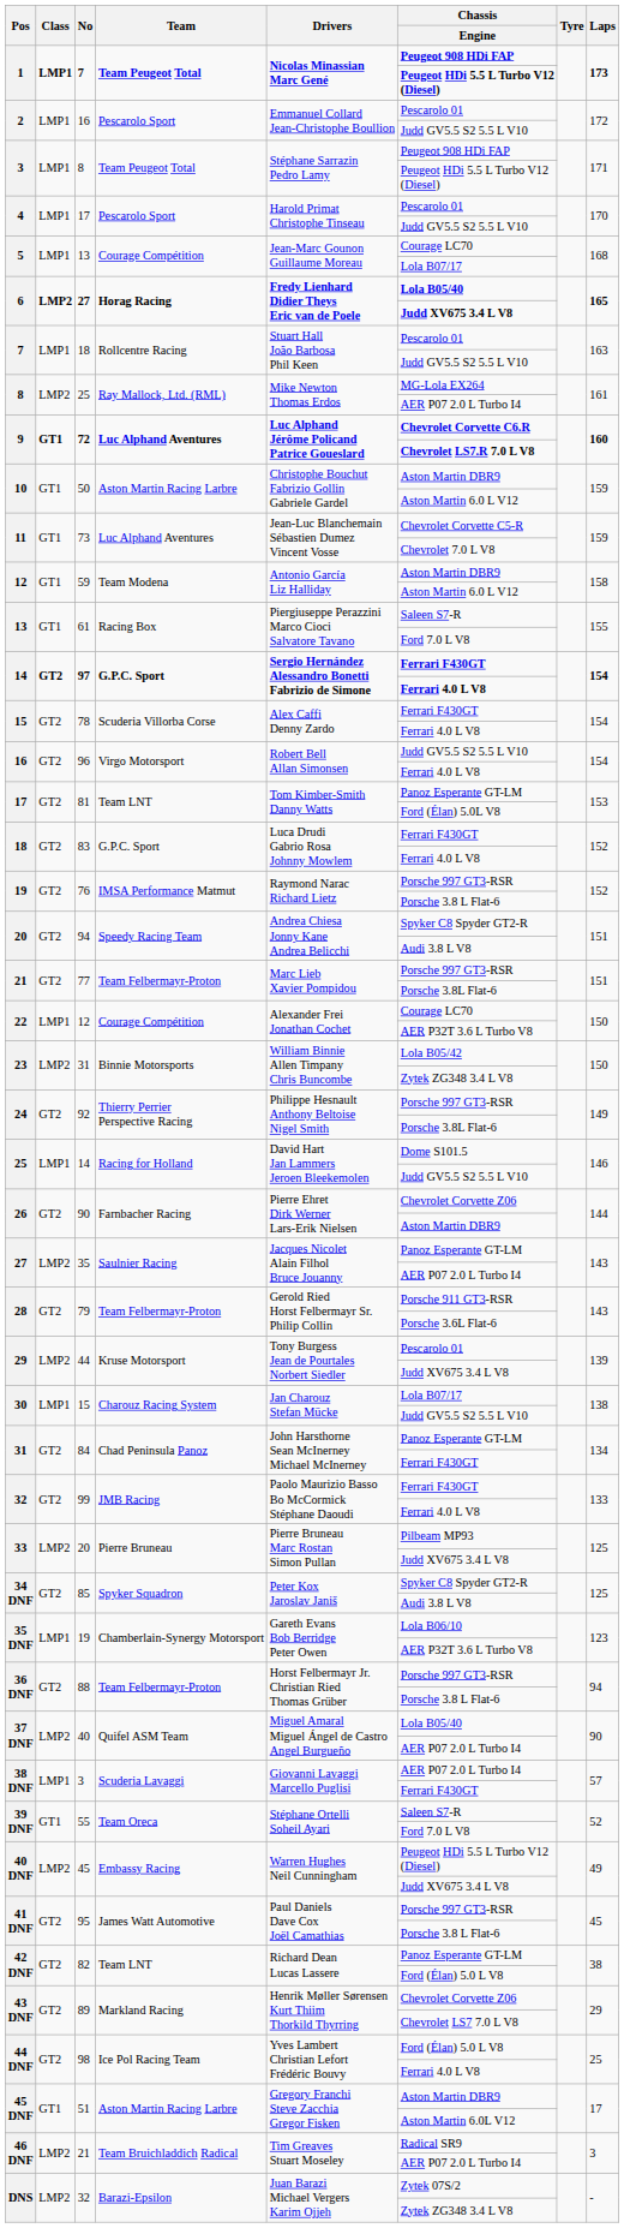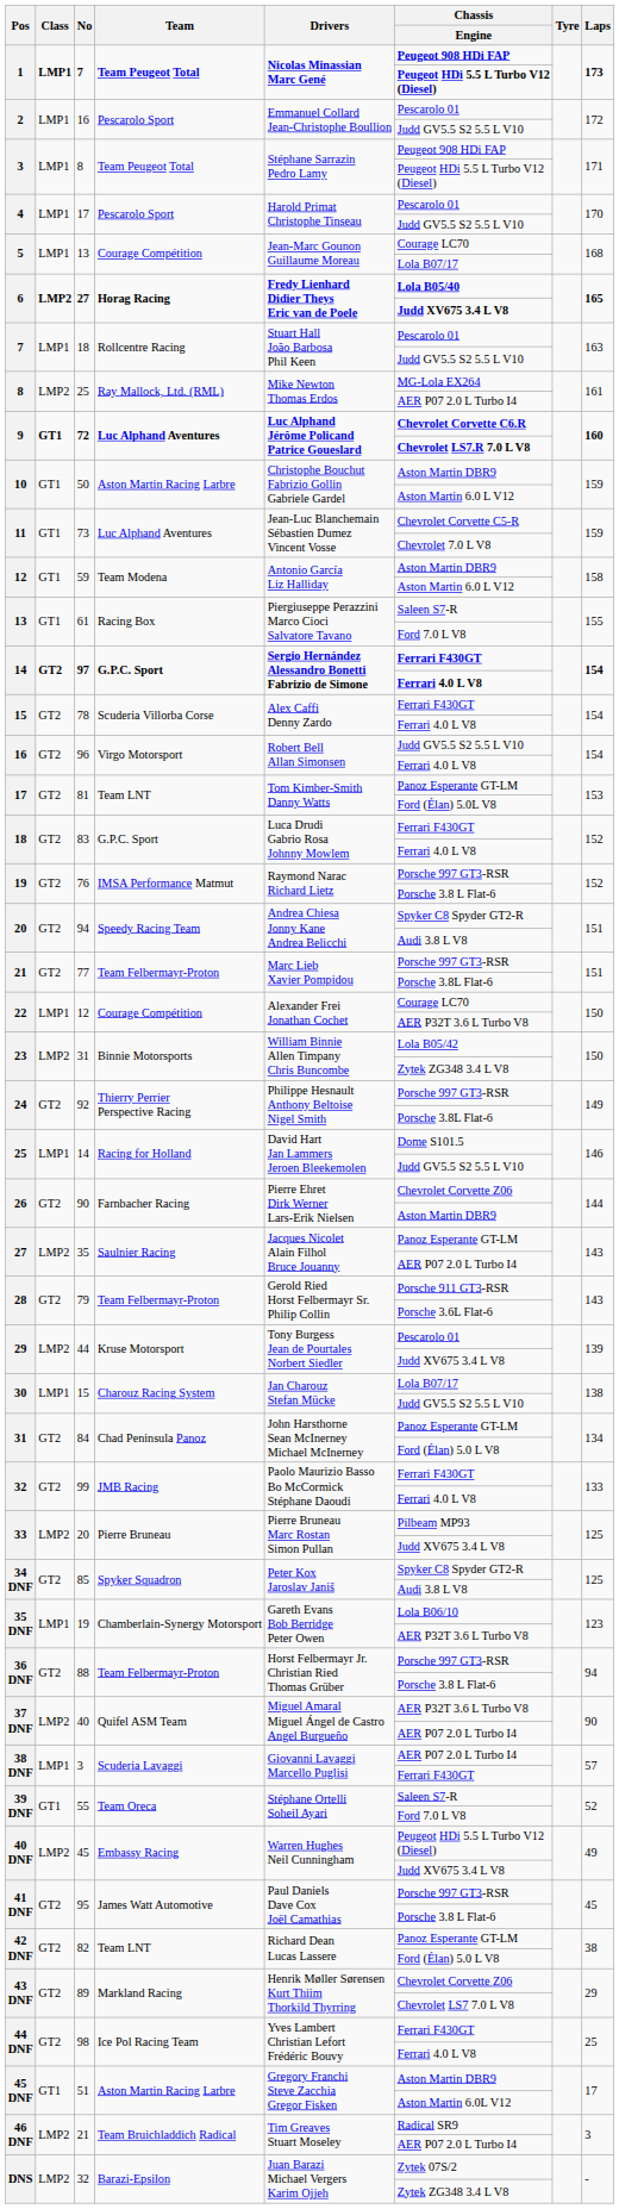 <table class="wikitable" style="font-size: 95%;">
 <tr>
 <th rowspan=2>Pos</th>
 <th rowspan=2>Class</th>
 <th rowspan=2>No</th>
 <th rowspan=2>Team</th>
 <th rowspan=2>Drivers</th>
 <th>Chassis</th>
 <th rowspan=2>Tyre</th>
 <th rowspan=2>Laps</th>
 </tr>
 <tr>
 <th>Engine</th>
 </tr>
 <tr style="font-weight:bold">
 <th rowspan=2>1</th>
 <td rowspan=2>LMP1</td>
 <td rowspan=2>7</td>
 <td rowspan=2> <a href='#'>Team Peugeot</a> <a href='#'>Total</a></td>
 <td rowspan=2> <a href='#'>Nicolas Minassian</a><br> <a href='#'>Marc Gené</a></td>
 <td><a href='#'>Peugeot 908 HDi FAP</a></td>
 <td rowspan=2></td>
 <td rowspan=2>173</td>
 </tr>
 <tr style="font-weight:bold">
 <td><a href='#'>Peugeot</a> <a href='#'>HDi</a> 5.5 L Turbo V12<br>(<a href='#'>Diesel</a>)</td>
 </tr>
 <tr>
 <th rowspan=2>2</th>
 <td rowspan=2>LMP1</td>
 <td rowspan=2>16</td>
 <td rowspan=2> <a href='#'>Pescarolo Sport</a></td>
 <td rowspan=2> <a href='#'>Emmanuel Collard</a><br> <a href='#'>Jean-Christophe Boullion</a></td>
 <td><a href='#'>Pescarolo 01</a></td>
 <td rowspan=2></td>
 <td rowspan=2>172</td>
 </tr>
 <tr>
 <td><a href='#'>Judd</a> GV5.5 S2 5.5 L V10</td>
 </tr>
 <tr>
 <th rowspan=2>3</th>
 <td rowspan=2>LMP1</td>
 <td rowspan=2>8</td>
 <td rowspan=2> <a href='#'>Team Peugeot</a> <a href='#'>Total</a></td>
 <td rowspan=2> <a href='#'>Stéphane Sarrazin</a><br> <a href='#'>Pedro Lamy</a></td>
 <td><a href='#'>Peugeot 908 HDi FAP</a></td>
 <td rowspan=2></td>
 <td rowspan=2>171</td>
 </tr>
 <tr>
 <td><a href='#'>Peugeot</a> <a href='#'>HDi</a> 5.5 L Turbo V12<br>(<a href='#'>Diesel</a>)</td>
 </tr>
 <tr>
 <th rowspan=2>4</th>
 <td rowspan=2>LMP1</td>
 <td rowspan=2>17</td>
 <td rowspan=2> <a href='#'>Pescarolo Sport</a></td>
 <td rowspan=2> <a href='#'>Harold Primat</a><br> <a href='#'>Christophe Tinseau</a></td>
 <td><a href='#'>Pescarolo 01</a></td>
 <td rowspan=2></td>
 <td rowspan=2>170</td>
 </tr>
 <tr>
 <td><a href='#'>Judd</a> GV5.5 S2 5.5 L V10</td>
 </tr>
 <tr>
 <th rowspan=2>5</th>
 <td rowspan=2>LMP1</td>
 <td rowspan=2>13</td>
 <td rowspan=2> <a href='#'>Courage Compétition</a></td>
 <td rowspan=2> <a href='#'>Jean-Marc Gounon</a><br> <a href='#'>Guillaume Moreau</a></td>
 <td><a href='#'>Courage</a> LC70</td>
 <td rowspan=2></td>
 <td rowspan=2>168</td>
 </tr>
 <tr>
 <td><a href='#'>Lola B07/17</a></td>
 </tr>
 <tr style="font-weight:bold">
 <th rowspan=2>6</th>
 <td rowspan=2>LMP2</td>
 <td rowspan=2>27</td>
 <td rowspan=2> Horag Racing</td>
 <td rowspan=2> <a href='#'>Fredy Lienhard</a><br> <a href='#'>Didier Theys</a><br> <a href='#'>Eric van de Poele</a></td>
 <td><a href='#'>Lola B05/40</a></td>
 <td rowspan=2></td>
 <td rowspan=2>165</td>
 </tr>
 <tr style="font-weight:bold">
 <td><a href='#'>Judd</a> XV675 3.4 L V8</td>
 </tr>
 <tr>
 <th rowspan=2>7</th>
 <td rowspan=2>LMP1</td>
 <td rowspan=2>18</td>
 <td rowspan=2> Rollcentre Racing</td>
 <td rowspan=2> <a href='#'>Stuart Hall</a><br> <a href='#'>João Barbosa</a><br> Phil Keen</td>
 <td><a href='#'>Pescarolo 01</a></td>
 <td rowspan=2></td>
 <td rowspan=2>163</td>
 </tr>
 <tr>
 <td><a href='#'>Judd</a> GV5.5 S2 5.5 L V10</td>
 </tr>
 <tr>
 <th rowspan=2>8</th>
 <td rowspan=2>LMP2</td>
 <td rowspan=2>25</td>
 <td rowspan=2> <a href='#'>Ray Mallock, Ltd. (RML)</a></td>
 <td rowspan=2> <a href='#'>Mike Newton</a><br> <a href='#'>Thomas Erdos</a></td>
 <td><a href='#'>MG-Lola EX264</a></td>
 <td rowspan=2></td>
 <td rowspan=2>161</td>
 </tr>
 <tr>
 <td><a href='#'>AER</a> P07 2.0 L Turbo I4</td>
 </tr>
 <tr style="font-weight:bold">
 <th rowspan=2>9</th>
 <td rowspan=2>GT1</td>
 <td rowspan=2>72</td>
 <td rowspan=2> <a href='#'>Luc Alphand</a> Aventures</td>
 <td rowspan=2> <a href='#'>Luc Alphand</a><br> <a href='#'>Jérôme Policand</a><br> <a href='#'>Patrice Goueslard</a></td>
 <td><a href='#'>Chevrolet Corvette C6.R</a></td>
 <td rowspan=2></td>
 <td rowspan=2>160</td>
 </tr>
 <tr style="font-weight:bold">
 <td><a href='#'>Chevrolet</a> <a href='#'>LS7.R</a> 7.0 L V8</td>
 </tr>
 <tr>
 <th rowspan=2>10</th>
 <td rowspan=2>GT1</td>
 <td rowspan=2>50</td>
 <td rowspan=2> <a href='#'>Aston Martin Racing</a> <a href='#'>Larbre</a></td>
 <td rowspan=2> <a href='#'>Christophe Bouchut</a><br> <a href='#'>Fabrizio Gollin</a><br> Gabriele Gardel</td>
 <td><a href='#'>Aston Martin DBR9</a></td>
 <td rowspan=2></td>
 <td rowspan=2>159</td>
 </tr>
 <tr>
 <td><a href='#'>Aston Martin</a> 6.0 L V12</td>
 </tr>
 <tr>
 <th rowspan=2>11</th>
 <td rowspan=2>GT1</td>
 <td rowspan=2>73</td>
 <td rowspan=2> <a href='#'>Luc Alphand</a> Aventures</td>
 <td rowspan=2> Jean-Luc Blanchemain<br> Sébastien Dumez<br> Vincent Vosse</td>
 <td><a href='#'>Chevrolet Corvette C5-R</a></td>
 <td rowspan=2></td>
 <td rowspan=2>159</td>
 </tr>
 <tr>
 <td><a href='#'>Chevrolet</a> 7.0 L V8</td>
 </tr>
 <tr>
 <th rowspan=2>12</th>
 <td rowspan=2>GT1</td>
 <td rowspan=2>59</td>
 <td rowspan=2> Team Modena</td>
 <td rowspan=2> <a href='#'>Antonio García</a><br> <a href='#'>Liz Halliday</a></td>
 <td><a href='#'>Aston Martin DBR9</a></td>
 <td rowspan=2></td>
 <td rowspan=2>158</td>
 </tr>
 <tr>
 <td><a href='#'>Aston Martin</a> 6.0 L V12</td>
 </tr>
 <tr>
 <th rowspan=2>13</th>
 <td rowspan=2>GT1</td>
 <td rowspan=2>61</td>
 <td rowspan=2> Racing Box</td>
 <td rowspan=2> Piergiuseppe Perazzini<br> Marco Cioci<br> <a href='#'>Salvatore Tavano</a></td>
 <td><a href='#'>Saleen S7</a>-R</td>
 <td rowspan=2></td>
 <td rowspan=2>155</td>
 </tr>
 <tr>
 <td><a href='#'>Ford</a> 7.0 L V8</td>
 </tr>
 <tr style="font-weight:bold">
 <th rowspan=2>14</th>
 <td rowspan=2>GT2</td>
 <td rowspan=2>97</td>
 <td rowspan=2> G.P.C. Sport</td>
 <td rowspan=2> <a href='#'>Sergio Hernández</a><br> <a href='#'>Alessandro Bonetti</a><br> Fabrizio de Simone</td>
 <td><a href='#'>Ferrari F430GT</a></td>
 <td rowspan=2></td>
 <td rowspan=2>154</td>
 </tr>
 <tr style="font-weight:bold">
 <td><a href='#'>Ferrari</a> 4.0 L V8</td>
 </tr>
 <tr>
 <th rowspan=2>15</th>
 <td rowspan=2>GT2</td>
 <td rowspan=2>78</td>
 <td rowspan=2> Scuderia Villorba Corse</td>
 <td rowspan=2> <a href='#'>Alex Caffi</a><br> Denny Zardo</td>
 <td><a href='#'>Ferrari F430GT</a></td>
 <td rowspan=2></td>
 <td rowspan=2>154</td>
 </tr>
 <tr>
 <td><a href='#'>Ferrari</a> 4.0 L V8</td>
 </tr>
 <tr>
 <th rowspan=2>16</th>
 <td rowspan=2>GT2</td>
 <td rowspan=2>96</td>
 <td rowspan=2> Virgo Motorsport</td>
 <td rowspan=2> <a href='#'>Robert Bell</a><br> <a href='#'>Allan Simonsen</a></td>
 <td><a href='#'>Judd</a> GV5.5 S2 5.5 L V10</td>
 <td rowspan=2></td>
 <td rowspan=2>154</td>
 </tr>
 <tr>
 <td><a href='#'>Ferrari</a> 4.0 L V8</td>
 </tr>
 <tr>
 <th rowspan=2>17</th>
 <td rowspan=2>GT2</td>
 <td rowspan=2>81</td>
 <td rowspan=2> Team LNT</td>
 <td rowspan=2> <a href='#'>Tom Kimber-Smith</a><br> <a href='#'>Danny Watts</a></td>
 <td><a href='#'>Panoz Esperante</a> GT-LM</td>
 <td rowspan=2></td>
 <td rowspan=2>153</td>
 </tr>
 <tr>
 <td><a href='#'>Ford</a> (<a href='#'>Élan</a>) 5.0L V8</td>
 </tr>
 <tr>
 <th rowspan=2>18</th>
 <td rowspan=2>GT2</td>
 <td rowspan=2>83</td>
 <td rowspan=2> G.P.C. Sport</td>
 <td rowspan=2> Luca Drudi<br> Gabrio Rosa<br> <a href='#'>Johnny Mowlem</a></td>
 <td><a href='#'>Ferrari F430GT</a></td>
 <td rowspan=2></td>
 <td rowspan=2>152</td>
 </tr>
 <tr>
 <td><a href='#'>Ferrari</a> 4.0 L V8</td>
 </tr>
 <tr>
 <th rowspan=2>19</th>
 <td rowspan=2>GT2</td>
 <td rowspan=2>76</td>
 <td rowspan=2> <a href='#'>IMSA Performance</a> Matmut</td>
 <td rowspan=2> Raymond Narac<br> <a href='#'>Richard Lietz</a></td>
 <td><a href='#'>Porsche 997 GT3</a>-RSR</td>
 <td rowspan=2></td>
 <td rowspan=2>152</td>
 </tr>
 <tr>
 <td><a href='#'>Porsche</a> 3.8 L Flat-6</td>
 </tr>
 <tr>
 <th rowspan=2>20</th>
 <td rowspan=2>GT2</td>
 <td rowspan=2>94</td>
 <td rowspan=2> <a href='#'>Speedy Racing Team</a></td>
 <td rowspan=2> <a href='#'>Andrea Chiesa</a><br> <a href='#'>Jonny Kane</a><br> <a href='#'>Andrea Belicchi</a></td>
 <td><a href='#'>Spyker C8</a> Spyder GT2-R</td>
 <td rowspan=2></td>
 <td rowspan=2>151</td>
 </tr>
 <tr>
 <td><a href='#'>Audi</a> 3.8 L V8</td>
 </tr>
 <tr>
 <th rowspan=2>21</th>
 <td rowspan=2>GT2</td>
 <td rowspan=2>77</td>
 <td rowspan=2> <a href='#'>Team Felbermayr-Proton</a></td>
 <td rowspan=2> <a href='#'>Marc Lieb</a><br> <a href='#'>Xavier Pompidou</a></td>
 <td><a href='#'>Porsche 997 GT3</a>-RSR</td>
 <td rowspan=2></td>
 <td rowspan=2>151</td>
 </tr>
 <tr>
 <td><a href='#'>Porsche</a> 3.8L Flat-6</td>
 </tr>
 <tr>
 <th rowspan=2>22</th>
 <td rowspan=2>LMP1</td>
 <td rowspan=2>12</td>
 <td rowspan=2> <a href='#'>Courage Compétition</a></td>
 <td rowspan=2> Alexander Frei<br> <a href='#'>Jonathan Cochet</a></td>
 <td><a href='#'>Courage</a> LC70</td>
 <td rowspan=2></td>
 <td rowspan=2>150</td>
 </tr>
 <tr>
 <td><a href='#'>AER</a> P32T 3.6 L Turbo V8</td>
 </tr>
 <tr>
 <th rowspan=2>23</th>
 <td rowspan=2>LMP2</td>
 <td rowspan=2>31</td>
 <td rowspan=2> Binnie Motorsports</td>
 <td rowspan=2> <a href='#'>William Binnie</a><br> Allen Timpany<br> <a href='#'>Chris Buncombe</a></td>
 <td><a href='#'>Lola B05/42</a></td>
 <td rowspan=2></td>
 <td rowspan=2>150</td>
 </tr>
 <tr>
 <td><a href='#'>Zytek</a> ZG348 3.4 L V8</td>
 </tr>
 <tr>
 <th rowspan=2>24</th>
 <td rowspan=2>GT2</td>
 <td rowspan=2>92</td>
 <td rowspan=2> <a href='#'>Thierry Perrier</a><br> Perspective Racing</td>
 <td rowspan=2> Philippe Hesnault<br> <a href='#'>Anthony Beltoise</a><br> <a href='#'>Nigel Smith</a></td>
 <td><a href='#'>Porsche 997 GT3</a>-RSR</td>
 <td rowspan=2></td>
 <td rowspan=2>149</td>
 </tr>
 <tr>
 <td><a href='#'>Porsche</a> 3.8L Flat-6</td>
 </tr>
 <tr>
 <th rowspan=2>25</th>
 <td rowspan=2>LMP1</td>
 <td rowspan=2>14</td>
 <td rowspan=2> <a href='#'>Racing for Holland</a></td>
 <td rowspan=2> David Hart<br> <a href='#'>Jan Lammers</a><br> <a href='#'>Jeroen Bleekemolen</a></td>
 <td><a href='#'>Dome</a> S101.5</td>
 <td rowspan=2></td>
 <td rowspan=2>146</td>
 </tr>
 <tr>
 <td><a href='#'>Judd</a> GV5.5 S2 5.5 L V10</td>
 </tr>
 <tr>
 <th rowspan=2>26</th>
 <td rowspan=2>GT2</td>
 <td rowspan=2>90</td>
 <td rowspan=2> Farnbacher Racing</td>
 <td rowspan=2> Pierre Ehret<br> <a href='#'>Dirk Werner</a><br> Lars-Erik Nielsen</td>
 <td><a href='#'>Chevrolet Corvette Z06</a></td>
 <td rowspan=2></td>
 <td rowspan=2>144</td>
 </tr>
 <tr>
 <td><a href='#'>Aston Martin DBR9</a></td>
 </tr>
 <tr>
 <th rowspan=2>27</th>
 <td rowspan=2>LMP2</td>
 <td rowspan=2>35</td>
 <td rowspan=2> <a href='#'>Saulnier Racing</a></td>
 <td rowspan=2> <a href='#'>Jacques Nicolet</a><br> Alain Filhol<br> <a href='#'>Bruce Jouanny</a></td>
 <td><a href='#'>Panoz Esperante</a> GT-LM</td>
 <td rowspan=2></td>
 <td rowspan=2>143</td>
 </tr>
 <tr>
 <td><a href='#'>AER</a> P07 2.0 L Turbo I4</td>
 </tr>
 <tr>
 <th rowspan=2>28</th>
 <td rowspan=2>GT2</td>
 <td rowspan=2>79</td>
 <td rowspan=2> <a href='#'>Team Felbermayr-Proton</a></td>
 <td rowspan=2> Gerold Ried<br> Horst Felbermayr Sr.<br> Philip Collin</td>
 <td><a href='#'>Porsche 911 GT3</a>-RSR</td>
 <td rowspan=2></td>
 <td rowspan=2>143</td>
 </tr>
 <tr>
 <td><a href='#'>Porsche</a> 3.6L Flat-6</td>
 </tr>
 <tr>
 <th rowspan=2>29</th>
 <td rowspan=2>LMP2</td>
 <td rowspan=2>44</td>
 <td rowspan=2> Kruse Motorsport</td>
 <td rowspan=2> Tony Burgess<br> <a href='#'>Jean de Pourtales</a><br> <a href='#'>Norbert Siedler</a></td>
 <td><a href='#'>Pescarolo 01</a></td>
 <td rowspan=2></td>
 <td rowspan=2>139</td>
 </tr>
 <tr>
 <td><a href='#'>Judd</a> XV675 3.4 L V8</td>
 </tr>
 <tr>
 <th rowspan=2>30</th>
 <td rowspan=2>LMP1</td>
 <td rowspan=2>15</td>
 <td rowspan=2> <a href='#'>Charouz Racing System</a></td>
 <td rowspan=2> <a href='#'>Jan Charouz</a><br> <a href='#'>Stefan Mücke</a></td>
 <td><a href='#'>Lola B07/17</a></td>
 <td rowspan=2></td>
 <td rowspan=2>138</td>
 </tr>
 <tr>
 <td><a href='#'>Judd</a> GV5.5 S2 5.5 L V10</td>
 </tr>
 <tr>
 <th rowspan=2>31</th>
 <td rowspan=2>GT2</td>
 <td rowspan=2>84</td>
 <td rowspan=2> Chad Peninsula <a href='#'>Panoz</a></td>
 <td rowspan=2> John Harsthorne<br> Sean McInerney<br> Michael McInerney</td>
 <td><a href='#'>Panoz Esperante</a> GT-LM</td>
 <td rowspan=2></td>
 <td rowspan=2>134</td>
 </tr>
 <tr>
-<td><a href='#'>Ferrari F430GT</a></td>
+<td><a href='#'>Ford</a> (<a href='#'>Élan</a>) 5.0 L V8</td>
 </tr>
 <tr>
 <th rowspan=2>32</th>
 <td rowspan=2>GT2</td>
 <td rowspan=2>99</td>
 <td rowspan=2> <a href='#'>JMB Racing</a></td>
 <td rowspan=2> Paolo Maurizio Basso<br> Bo McCormick<br> Stéphane Daoudi</td>
 <td><a href='#'>Ferrari F430GT</a></td>
 <td rowspan=2></td>
 <td rowspan=2>133</td>
 </tr>
 <tr>
 <td><a href='#'>Ferrari</a> 4.0 L V8</td>
 </tr>
 <tr>
 <th rowspan=2>33</th>
 <td rowspan=2>LMP2</td>
 <td rowspan=2>20</td>
 <td rowspan=2> Pierre Bruneau</td>
 <td rowspan=2> Pierre Bruneau<br> <a href='#'>Marc Rostan</a><br> Simon Pullan</td>
 <td><a href='#'>Pilbeam</a> MP93</td>
 <td rowspan=2></td>
 <td rowspan=2>125</td>
 </tr>
 <tr>
 <td><a href='#'>Judd</a> XV675 3.4 L V8</td>
 </tr>
 <tr>
 <th rowspan=2>34<br>DNF</th>
 <td rowspan=2>GT2</td>
 <td rowspan=2>85</td>
 <td rowspan=2> <a href='#'>Spyker Squadron</a></td>
 <td rowspan=2> <a href='#'>Peter Kox</a><br> <a href='#'>Jaroslav Janiš</a></td>
 <td><a href='#'>Spyker C8</a> Spyder GT2-R</td>
 <td rowspan=2></td>
 <td rowspan=2>125</td>
 </tr>
 <tr>
 <td><a href='#'>Audi</a> 3.8 L V8</td>
 </tr>
 <tr>
 <th rowspan=2>35<br>DNF</th>
 <td rowspan=2>LMP1</td>
 <td rowspan=2>19</td>
 <td rowspan=2> Chamberlain-Synergy Motorsport</td>
 <td rowspan=2> Gareth Evans<br> <a href='#'>Bob Berridge</a><br> Peter Owen</td>
 <td><a href='#'>Lola B06/10</a></td>
 <td rowspan=2></td>
 <td rowspan=2>123</td>
 </tr>
 <tr>
 <td><a href='#'>AER</a> P32T 3.6 L Turbo V8</td>
 </tr>
 <tr>
 <th rowspan=2>36<br>DNF</th>
 <td rowspan=2>GT2</td>
 <td rowspan=2>88</td>
 <td rowspan=2> <a href='#'>Team Felbermayr-Proton</a></td>
 <td rowspan=2> Horst Felbermayr Jr.<br> Christian Ried<br> Thomas Grüber</td>
 <td><a href='#'>Porsche 997 GT3</a>-RSR</td>
 <td rowspan=2></td>
 <td rowspan=2>94</td>
 </tr>
 <tr>
 <td><a href='#'>Porsche</a> 3.8 L Flat-6</td>
 </tr>
 <tr>
 <th rowspan=2>37<br>DNF</th>
 <td rowspan=2>LMP2</td>
 <td rowspan=2>40</td>
 <td rowspan=2> Quifel ASM Team</td>
 <td rowspan=2> <a href='#'>Miguel Amaral</a><br> Miguel Ángel de Castro<br> <a href='#'>Angel Burgueño</a></td>
-<td><a href='#'>Lola B05/40</a></td>
+<td><a href='#'>AER</a> P32T 3.6 L Turbo V8</td>
 <td rowspan=2></td>
 <td rowspan=2>90</td>
 </tr>
 <tr>
 <td><a href='#'>AER</a> P07 2.0 L Turbo I4</td>
 </tr>
 <tr>
 <th rowspan=2>38<br>DNF</th>
 <td rowspan=2>LMP1</td>
 <td rowspan=2>3</td>
 <td rowspan=2> <a href='#'>Scuderia Lavaggi</a></td>
 <td rowspan=2> <a href='#'>Giovanni Lavaggi</a><br> <a href='#'>Marcello Puglisi</a></td>
 <td><a href='#'>AER</a> P07 2.0 L Turbo I4</td>
 <td rowspan=2></td>
 <td rowspan=2>57</td>
 </tr>
 <tr>
 <td><a href='#'>Ferrari F430GT</a></td>
 </tr>
 <tr>
 <th rowspan=2>39<br>DNF</th>
 <td rowspan=2>GT1</td>
 <td rowspan=2>55</td>
 <td rowspan=2> <a href='#'>Team Oreca</a></td>
 <td rowspan=2> <a href='#'>Stéphane Ortelli</a><br> <a href='#'>Soheil Ayari</a></td>
 <td><a href='#'>Saleen S7</a>-R</td>
 <td rowspan=2></td>
 <td rowspan=2>52</td>
 </tr>
 <tr>
 <td><a href='#'>Ford</a> 7.0 L V8</td>
 </tr>
 <tr>
 <th rowspan=2>40<br>DNF</th>
 <td rowspan=2>LMP2</td>
 <td rowspan=2>45</td>
 <td rowspan=2> <a href='#'>Embassy Racing</a></td>
 <td rowspan=2> <a href='#'>Warren Hughes</a><br> Neil Cunningham</td>
 <td><a href='#'>Peugeot</a> <a href='#'>HDi</a> 5.5 L Turbo V12<br>(<a href='#'>Diesel</a>)</td>
 <td rowspan=2></td>
 <td rowspan=2>49</td>
 </tr>
 <tr>
 <td><a href='#'>Judd</a> XV675 3.4 L V8</td>
 </tr>
 <tr>
 <th rowspan=2>41<br>DNF</th>
 <td rowspan=2>GT2</td>
 <td rowspan=2>95</td>
 <td rowspan=2> James Watt Automotive</td>
 <td rowspan=2> Paul Daniels<br> Dave Cox<br> <a href='#'>Joël Camathias</a></td>
 <td><a href='#'>Porsche 997 GT3</a>-RSR</td>
 <td rowspan=2></td>
 <td rowspan=2>45</td>
 </tr>
 <tr>
 <td><a href='#'>Porsche</a> 3.8 L Flat-6</td>
 </tr>
 <tr>
 <th rowspan=2>42<br>DNF</th>
 <td rowspan=2>GT2</td>
 <td rowspan=2>82</td>
 <td rowspan=2> Team LNT</td>
 <td rowspan=2> Richard Dean<br> Lucas Lassere</td>
 <td><a href='#'>Panoz Esperante</a> GT-LM</td>
 <td rowspan=2></td>
 <td rowspan=2>38</td>
 </tr>
 <tr>
 <td><a href='#'>Ford</a> (<a href='#'>Élan</a>) 5.0 L V8</td>
 </tr>
 <tr>
 <th rowspan=2>43<br>DNF</th>
 <td rowspan=2>GT2</td>
 <td rowspan=2>89</td>
 <td rowspan=2> Markland Racing</td>
 <td rowspan=2> Henrik Møller Sørensen<br> <a href='#'>Kurt Thiim</a><br> <a href='#'>Thorkild Thyrring</a></td>
 <td><a href='#'>Chevrolet Corvette Z06</a></td>
 <td rowspan=2></td>
 <td rowspan=2>29</td>
 </tr>
 <tr>
 <td><a href='#'>Chevrolet</a> <a href='#'>LS7</a> 7.0 L V8</td>
 </tr>
 <tr>
 <th rowspan=2>44<br>DNF</th>
 <td rowspan=2>GT2</td>
 <td rowspan=2>98</td>
 <td rowspan=2> Ice Pol Racing Team</td>
 <td rowspan=2> Yves Lambert<br> Christian Lefort<br> Frédéric Bouvy</td>
-<td><a href='#'>Ford</a> (<a href='#'>Élan</a>) 5.0 L V8</td>
+<td><a href='#'>Ferrari F430GT</a></td>
 <td rowspan=2></td>
 <td rowspan=2>25</td>
 </tr>
 <tr>
 <td><a href='#'>Ferrari</a> 4.0 L V8</td>
 </tr>
 <tr>
 <th rowspan=2>45<br>DNF</th>
 <td rowspan=2>GT1</td>
 <td rowspan=2>51</td>
 <td rowspan=2> <a href='#'>Aston Martin Racing</a> <a href='#'>Larbre</a></td>
 <td rowspan=2> <a href='#'>Gregory Franchi</a><br> <a href='#'>Steve Zacchia</a><br> <a href='#'>Gregor Fisken</a></td>
 <td><a href='#'>Aston Martin DBR9</a></td>
 <td rowspan=2></td>
 <td rowspan=2>17</td>
 </tr>
 <tr>
 <td><a href='#'>Aston Martin</a> 6.0L V12</td>
 </tr>
 <tr>
 <th rowspan=2>46<br>DNF</th>
 <td rowspan=2>LMP2</td>
 <td rowspan=2>21</td>
 <td rowspan=2> <a href='#'>Team Bruichladdich</a> <a href='#'>Radical</a></td>
 <td rowspan=2> <a href='#'>Tim Greaves</a><br> Stuart Moseley</td>
 <td><a href='#'>Radical</a> SR9</td>
 <td rowspan=2></td>
 <td rowspan=2>3</td>
 </tr>
 <tr>
 <td><a href='#'>AER</a> P07 2.0 L Turbo I4</td>
 </tr>
 <tr>
 <th rowspan=2>DNS</th>
 <td rowspan=2>LMP2</td>
 <td rowspan=2>32</td>
 <td rowspan=2> <a href='#'>Barazi-Epsilon</a></td>
 <td rowspan=2> <a href='#'>Juan Barazi</a><br> Michael Vergers<br> <a href='#'>Karim Ojjeh</a></td>
 <td><a href='#'>Zytek</a> 07S/2</td>
 <td rowspan=2></td>
 <td rowspan=2>-</td>
 </tr>
 <tr>
 <td><a href='#'>Zytek</a> ZG348 3.4 L V8</td>
 </tr>
 </table>
